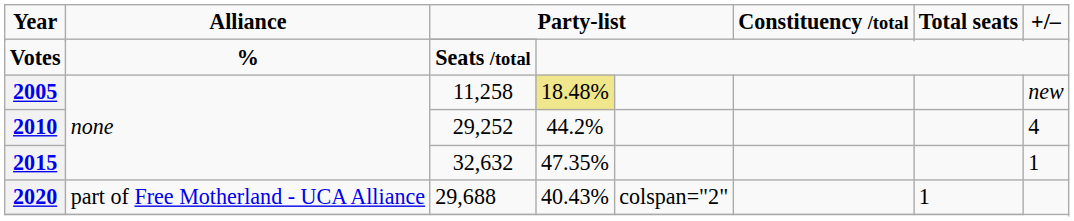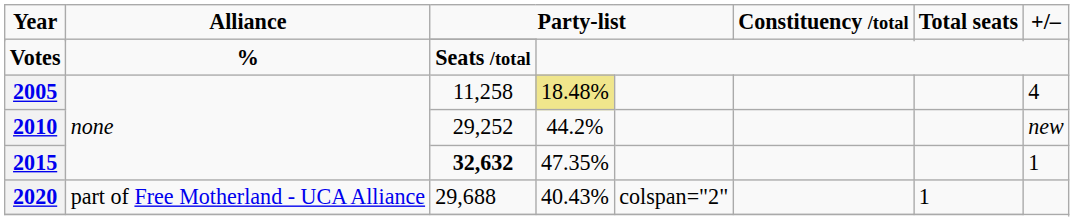 <table class="wikitable">
 <tr>
 <td rowspan="2" style="text-align:center;"><strong>Year</strong></td>
 <td rowspan="2" style="text-align:center;"><strong>Alliance</strong></td>
 <td colspan="3" style="text-align:center;"><strong>Party-list</strong></td>
 <td rowspan="2" style="text-align:center;"><strong>Constituency <small>/total</small></strong></td>
 <td rowspan="2" style="text-align:center;"><strong>Total seats</strong></td>
 <td rowspan="2" style="text-align:center;"><strong>+/–</strong></td>
 </tr>
 <tr>
 </tr>
 <tr>
 <td style="text-align:center;"><strong>Votes</strong></td>
 <td style="text-align:center;"><strong>%</strong></td>
 <td style="text-align:center;"><strong>Seats <small>/total</small></strong></td>
 </tr>
 <tr>
 <th><a href='#'>2005</a></th>
 <td rowspan="3"><em>none</em></td>
 <td style="text-align:center;">11,258</td>
 <td style="background: khaki; text-align:center;">18.48%</td>
 <td></td>
 <td></td>
 <td></td>
-<td><em>new</em></td>
+<td> 4</td>
 </tr>
 <tr>
 <th><a href='#'>2010</a></th>
 <td style="text-align:center;">29,252</td>
 <td style="text-align:center;">44.2%</td>
 <td></td>
 <td></td>
 <td></td>
-<td> 4</td>
+<td><em>new</em></td>
 </tr>
 <tr>
 <th><a href='#'>2015</a></th>
-<td style="text-align:center;">32,632</td>
+<td style="text-align:center;"><strong>32,632</strong></td>
 <td style="text-align:center;">47.35%</td>
 <td></td>
 <td></td>
 <td></td>
 <td> 1</td>
 </tr>
 <tr>
 <th rowspan="1"><a href='#'>2020</a></th>
 <td rowspan="1">part of <a href='#'>Free Motherland - UCA Alliance</a></td>
 <td rowspan="1">29,688</td>
 <td rowspan="1">40.43%</td>
 <td>colspan="2" </td>
 <td></td>
 <td> 1</td>
 </tr>
 <tr>
 </tr>
 </table>
